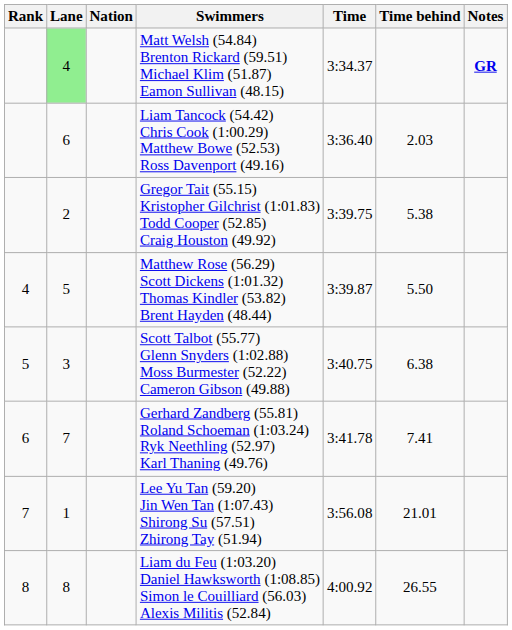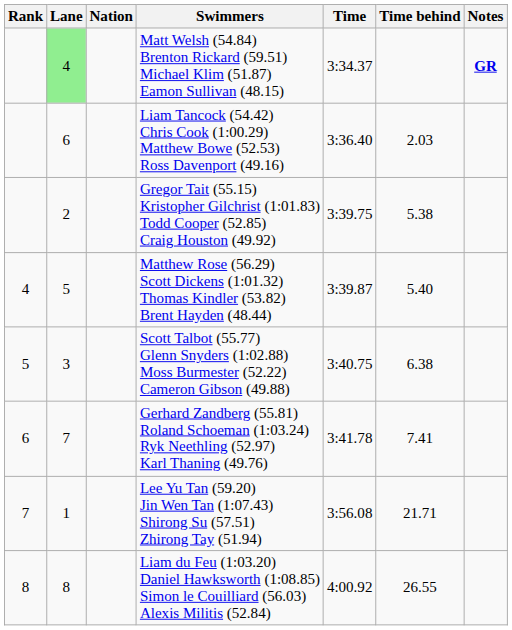 <table class="wikitable sortable" style="text-align:center">
 <tr>
 <th>Rank</th>
 <th>Lane</th>
 <th>Nation</th>
 <th>Swimmers</th>
 <th>Time</th>
 <th>Time behind</th>
 <th>Notes</th>
 </tr>
 <tr>
 <td></td>
 <td style="background: lightgreen;">4</td>
 <td align=left></td>
 <td align=left><a href='#'>Matt Welsh</a> (54.84)<br><a href='#'>Brenton Rickard</a> (59.51)<br><a href='#'>Michael Klim</a> (51.87)<br><a href='#'>Eamon Sullivan</a> (48.15)</td>
 <td>3:34.37</td>
 <td></td>
 <td><strong><a href='#'>GR</a></strong></td>
 </tr>
 <tr>
 <td></td>
 <td>6</td>
 <td align=left></td>
 <td align=left><a href='#'>Liam Tancock</a> (54.42)<br><a href='#'>Chris Cook</a> (1:00.29)<br><a href='#'>Matthew Bowe</a> (52.53)<br><a href='#'>Ross Davenport</a> (49.16)</td>
 <td>3:36.40</td>
 <td>2.03</td>
 <td></td>
 </tr>
 <tr>
 <td></td>
 <td>2</td>
 <td align=left></td>
 <td align=left><a href='#'>Gregor Tait</a> (55.15)<br><a href='#'>Kristopher Gilchrist</a> (1:01.83)<br><a href='#'>Todd Cooper</a> (52.85)<br><a href='#'>Craig Houston</a> (49.92)</td>
 <td>3:39.75</td>
 <td>5.38</td>
 <td></td>
 </tr>
 <tr>
 <td>4</td>
 <td>5</td>
 <td align=left></td>
 <td align=left><a href='#'>Matthew Rose</a> (56.29)<br><a href='#'>Scott Dickens</a> (1:01.32)<br><a href='#'>Thomas Kindler</a> (53.82)<br><a href='#'>Brent Hayden</a> (48.44)</td>
 <td>3:39.87</td>
-<td>5.50</td>
+<td>5.40</td>
 <td></td>
 </tr>
 <tr>
 <td>5</td>
 <td>3</td>
 <td align=left></td>
 <td align=left><a href='#'>Scott Talbot</a> (55.77)<br><a href='#'>Glenn Snyders</a> (1:02.88)<br><a href='#'>Moss Burmester</a> (52.22)<br><a href='#'>Cameron Gibson</a> (49.88)</td>
 <td>3:40.75</td>
 <td>6.38</td>
 <td></td>
 </tr>
 <tr>
 <td>6</td>
 <td>7</td>
 <td align=left></td>
 <td align=left><a href='#'>Gerhard Zandberg</a> (55.81)<br><a href='#'>Roland Schoeman</a> (1:03.24)<br><a href='#'>Ryk Neethling</a> (52.97)<br><a href='#'>Karl Thaning</a> (49.76)</td>
 <td>3:41.78</td>
 <td>7.41</td>
 <td></td>
 </tr>
 <tr>
 <td>7</td>
 <td>1</td>
 <td align=left></td>
 <td align=left><a href='#'>Lee Yu Tan</a> (59.20)<br><a href='#'>Jin Wen Tan</a> (1:07.43)<br><a href='#'>Shirong Su</a> (57.51)<br><a href='#'>Zhirong Tay</a> (51.94)</td>
 <td>3:56.08</td>
-<td>21.01</td>
+<td>21.71</td>
 <td></td>
 </tr>
 <tr>
 <td>8</td>
 <td>8</td>
 <td align=left></td>
 <td align=left><a href='#'>Liam du Feu</a> (1:03.20)<br><a href='#'>Daniel Hawksworth</a> (1:08.85)<br><a href='#'>Simon le Couilliard</a> (56.03)<br><a href='#'>Alexis Militis</a> (52.84)</td>
 <td>4:00.92</td>
 <td>26.55</td>
 <td></td>
 </tr>
 </table>
